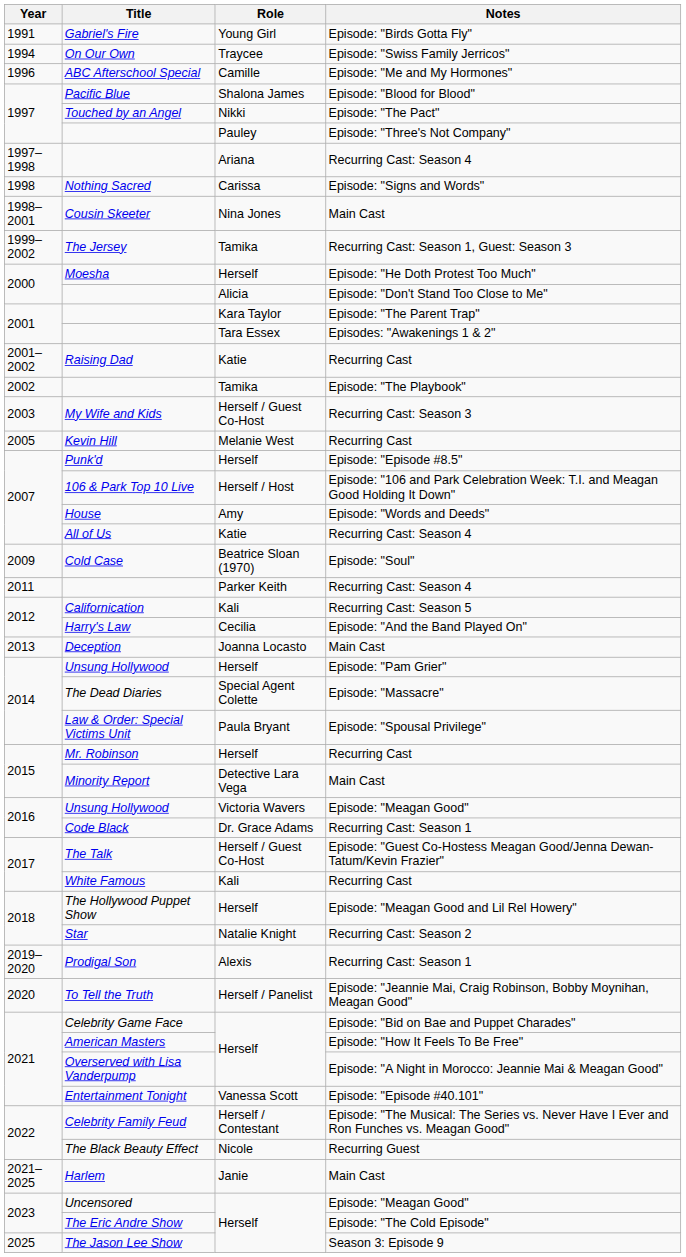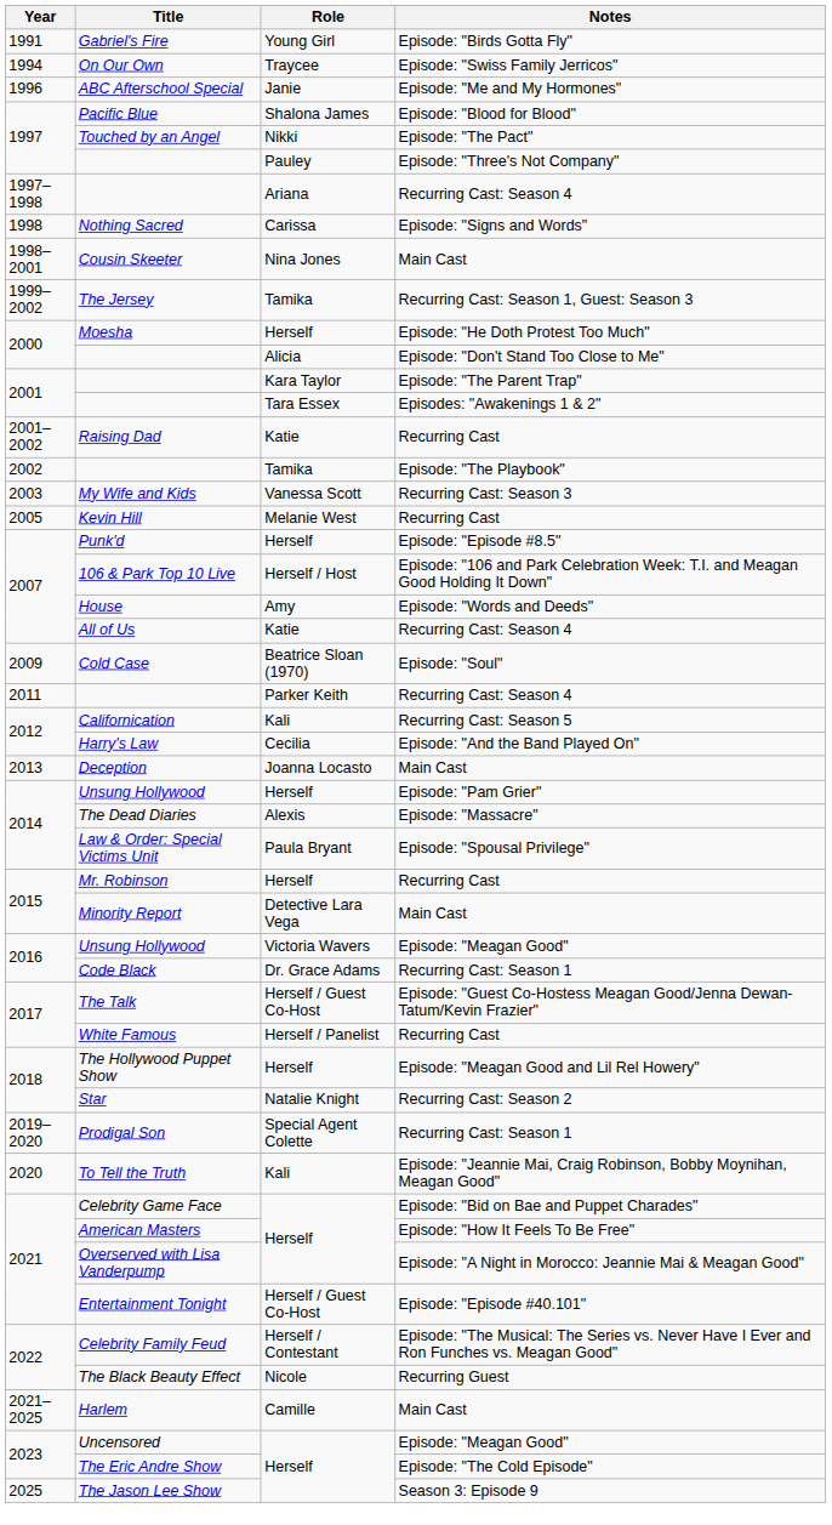 <table class="wikitable sortable">
 <tr>
 <th>Year</th>
 <th>Title</th>
 <th>Role</th>
 <th>Notes</th>
 </tr>
 <tr>
 <td>1991</td>
 <td><em><a href='#'>Gabriel's Fire</a></em></td>
 <td>Young Girl</td>
 <td>Episode: "Birds Gotta Fly"</td>
 </tr>
 <tr>
 <td>1994</td>
 <td><em><a href='#'>On Our Own</a></em></td>
 <td>Traycee</td>
 <td>Episode: "Swiss Family Jerricos"</td>
 </tr>
 <tr>
 <td>1996</td>
 <td><em><a href='#'>ABC Afterschool Special</a></em></td>
-<td>Camille</td>
+<td>Janie</td>
 <td>Episode: "Me and My Hormones"</td>
 </tr>
 <tr>
 <td rowspan=3>1997</td>
 <td><em><a href='#'>Pacific Blue</a></em></td>
 <td>Shalona James</td>
 <td>Episode: "Blood for Blood"</td>
 </tr>
 <tr>
 <td><em><a href='#'>Touched by an Angel</a></em></td>
 <td>Nikki</td>
 <td>Episode: "The Pact"</td>
 </tr>
 <tr>
 <td><em></em></td>
 <td>Pauley</td>
 <td>Episode: "Three's Not Company"</td>
 </tr>
 <tr>
 <td>1997–1998</td>
 <td><em></em></td>
 <td>Ariana</td>
 <td>Recurring Cast: Season 4</td>
 </tr>
 <tr>
 <td>1998</td>
 <td><em><a href='#'>Nothing Sacred</a></em></td>
 <td>Carissa</td>
 <td>Episode: "Signs and Words"</td>
 </tr>
 <tr>
 <td>1998–2001</td>
 <td><em><a href='#'>Cousin Skeeter</a></em></td>
 <td>Nina Jones</td>
 <td>Main Cast</td>
 </tr>
 <tr>
 <td>1999–2002</td>
 <td><em><a href='#'>The Jersey</a></em></td>
 <td>Tamika</td>
 <td>Recurring Cast: Season 1, Guest: Season 3</td>
 </tr>
 <tr>
 <td rowspan=2>2000</td>
 <td><em><a href='#'>Moesha</a></em></td>
 <td>Herself</td>
 <td>Episode: "He Doth Protest Too Much"</td>
 </tr>
 <tr>
 <td><em></em></td>
 <td>Alicia</td>
 <td>Episode: "Don't Stand Too Close to Me"</td>
 </tr>
 <tr>
 <td rowspan=2>2001</td>
 <td><em></em></td>
 <td>Kara Taylor</td>
 <td>Episode: "The Parent Trap"</td>
 </tr>
 <tr>
 <td><em></em></td>
 <td>Tara Essex</td>
 <td>Episodes: "Awakenings 1 & 2"</td>
 </tr>
 <tr>
 <td>2001–2002</td>
 <td><em><a href='#'>Raising Dad</a></em></td>
 <td>Katie</td>
 <td>Recurring Cast</td>
 </tr>
 <tr>
 <td>2002</td>
 <td><em></em></td>
 <td>Tamika</td>
 <td>Episode: "The Playbook"</td>
 </tr>
 <tr>
 <td>2003</td>
 <td><em><a href='#'>My Wife and Kids</a></em></td>
-<td>Herself / Guest Co-Host</td>
+<td>Vanessa Scott</td>
 <td>Recurring Cast: Season 3</td>
 </tr>
 <tr>
 <td>2005</td>
 <td><em><a href='#'>Kevin Hill</a></em></td>
 <td>Melanie West</td>
 <td>Recurring Cast</td>
 </tr>
 <tr>
 <td rowspan=4>2007</td>
 <td><em><a href='#'>Punk'd</a></em></td>
 <td>Herself</td>
 <td>Episode: "Episode #8.5"</td>
 </tr>
 <tr>
 <td><em><a href='#'>106 & Park Top 10 Live</a></em></td>
 <td>Herself / Host</td>
 <td>Episode: "106 and Park Celebration Week: T.I. and Meagan Good Holding It Down"</td>
 </tr>
 <tr>
 <td><em><a href='#'>House</a></em></td>
 <td>Amy</td>
 <td>Episode: "Words and Deeds"</td>
 </tr>
 <tr>
 <td><em><a href='#'>All of Us</a></em></td>
 <td>Katie</td>
 <td>Recurring Cast: Season 4</td>
 </tr>
 <tr>
 <td>2009</td>
 <td><em><a href='#'>Cold Case</a></em></td>
 <td>Beatrice Sloan (1970)</td>
 <td>Episode: "Soul"</td>
 </tr>
 <tr>
 <td>2011</td>
 <td><em></em></td>
 <td>Parker Keith</td>
 <td>Recurring Cast: Season 4</td>
 </tr>
 <tr>
 <td rowspan=2>2012</td>
 <td><em><a href='#'>Californication</a></em></td>
 <td>Kali</td>
 <td>Recurring Cast: Season 5</td>
 </tr>
 <tr>
 <td><em><a href='#'>Harry's Law</a></em></td>
 <td>Cecilia</td>
 <td>Episode: "And the Band Played On"</td>
 </tr>
 <tr>
 <td>2013</td>
 <td><em><a href='#'>Deception</a></em></td>
 <td>Joanna Locasto</td>
 <td>Main Cast</td>
 </tr>
 <tr>
 <td rowspan=3>2014</td>
 <td><em><a href='#'>Unsung Hollywood</a></em></td>
 <td>Herself</td>
 <td>Episode: "Pam Grier"</td>
 </tr>
 <tr>
 <td><em>The Dead Diaries</em></td>
-<td>Special Agent Colette</td>
+<td>Alexis</td>
 <td>Episode: "Massacre"</td>
 </tr>
 <tr>
 <td><em><a href='#'>Law & Order: Special Victims Unit</a></em></td>
 <td>Paula Bryant</td>
 <td>Episode: "Spousal Privilege"</td>
 </tr>
 <tr>
 <td rowspan=2>2015</td>
 <td><em><a href='#'>Mr. Robinson</a></em></td>
 <td>Herself</td>
 <td>Recurring Cast</td>
 </tr>
 <tr>
 <td><em><a href='#'>Minority Report</a></em></td>
 <td>Detective Lara Vega</td>
 <td>Main Cast</td>
 </tr>
 <tr>
 <td rowspan=2>2016</td>
 <td><em><a href='#'>Unsung Hollywood</a></em></td>
 <td>Victoria Wavers</td>
 <td>Episode: "Meagan Good"</td>
 </tr>
 <tr>
 <td><em><a href='#'>Code Black</a></em></td>
 <td>Dr. Grace Adams</td>
 <td>Recurring Cast: Season 1</td>
 </tr>
 <tr>
 <td rowspan=2>2017</td>
 <td><em><a href='#'>The Talk</a></em></td>
 <td>Herself / Guest Co-Host</td>
 <td>Episode: "Guest Co-Hostess Meagan Good/Jenna Dewan-Tatum/Kevin Frazier"</td>
 </tr>
 <tr>
 <td><em><a href='#'>White Famous</a></em></td>
-<td>Kali</td>
+<td>Herself / Panelist</td>
 <td>Recurring Cast</td>
 </tr>
 <tr>
 <td rowspan=2>2018</td>
 <td><em>The Hollywood Puppet Show</em></td>
 <td>Herself</td>
 <td>Episode: "Meagan Good and Lil Rel Howery"</td>
 </tr>
 <tr>
 <td><em><a href='#'>Star</a></em></td>
 <td>Natalie Knight</td>
 <td>Recurring Cast: Season 2</td>
 </tr>
 <tr>
 <td>2019–2020</td>
 <td><em><a href='#'>Prodigal Son</a></em></td>
-<td>Alexis</td>
+<td>Special Agent Colette</td>
 <td>Recurring Cast: Season 1</td>
 </tr>
 <tr>
 <td>2020</td>
 <td><em><a href='#'>To Tell the Truth</a></em></td>
-<td>Herself / Panelist</td>
+<td>Kali</td>
 <td>Episode: "Jeannie Mai, Craig Robinson, Bobby Moynihan, Meagan Good"</td>
 </tr>
 <tr>
 <td rowspan=4>2021</td>
 <td><em>Celebrity Game Face</em></td>
 <td rowspan="3">Herself</td>
 <td>Episode: "Bid on Bae and Puppet Charades"</td>
 </tr>
 <tr>
 <td><em><a href='#'>American Masters</a></em></td>
 <td>Episode: "How It Feels To Be Free"</td>
 </tr>
 <tr>
 <td><em><a href='#'>Overserved with Lisa Vanderpump</a></em></td>
 <td>Episode: "A Night in Morocco: Jeannie Mai & Meagan Good"</td>
 </tr>
 <tr>
 <td><em><a href='#'>Entertainment Tonight</a></em></td>
-<td>Vanessa Scott</td>
+<td>Herself / Guest Co-Host</td>
 <td>Episode: "Episode #40.101"</td>
 </tr>
 <tr>
 <td rowspan=2>2022</td>
 <td><em><a href='#'>Celebrity Family Feud</a></em></td>
 <td>Herself / Contestant</td>
 <td>Episode: "The Musical: The Series vs. Never Have I Ever and Ron Funches vs. Meagan Good"</td>
 </tr>
 <tr>
 <td><em>The Black Beauty Effect</em></td>
 <td>Nicole</td>
 <td>Recurring Guest</td>
 </tr>
 <tr>
 <td>2021–2025</td>
 <td><em><a href='#'>Harlem</a></em></td>
-<td>Janie</td>
+<td>Camille</td>
 <td>Main Cast</td>
 </tr>
 <tr>
 <td rowspan="2">2023</td>
 <td><em>Uncensored</em></td>
 <td rowspan="3">Herself</td>
 <td>Episode: "Meagan Good"</td>
 </tr>
 <tr>
 <td><em><a href='#'>The Eric Andre Show</a></em></td>
 <td>Episode: "The Cold Episode"</td>
 </tr>
 <tr>
 <td>2025</td>
 <td><em><a href='#'>The Jason Lee Show</a></em></td>
 <td>Season 3: Episode 9</td>
 </tr>
 </table>
